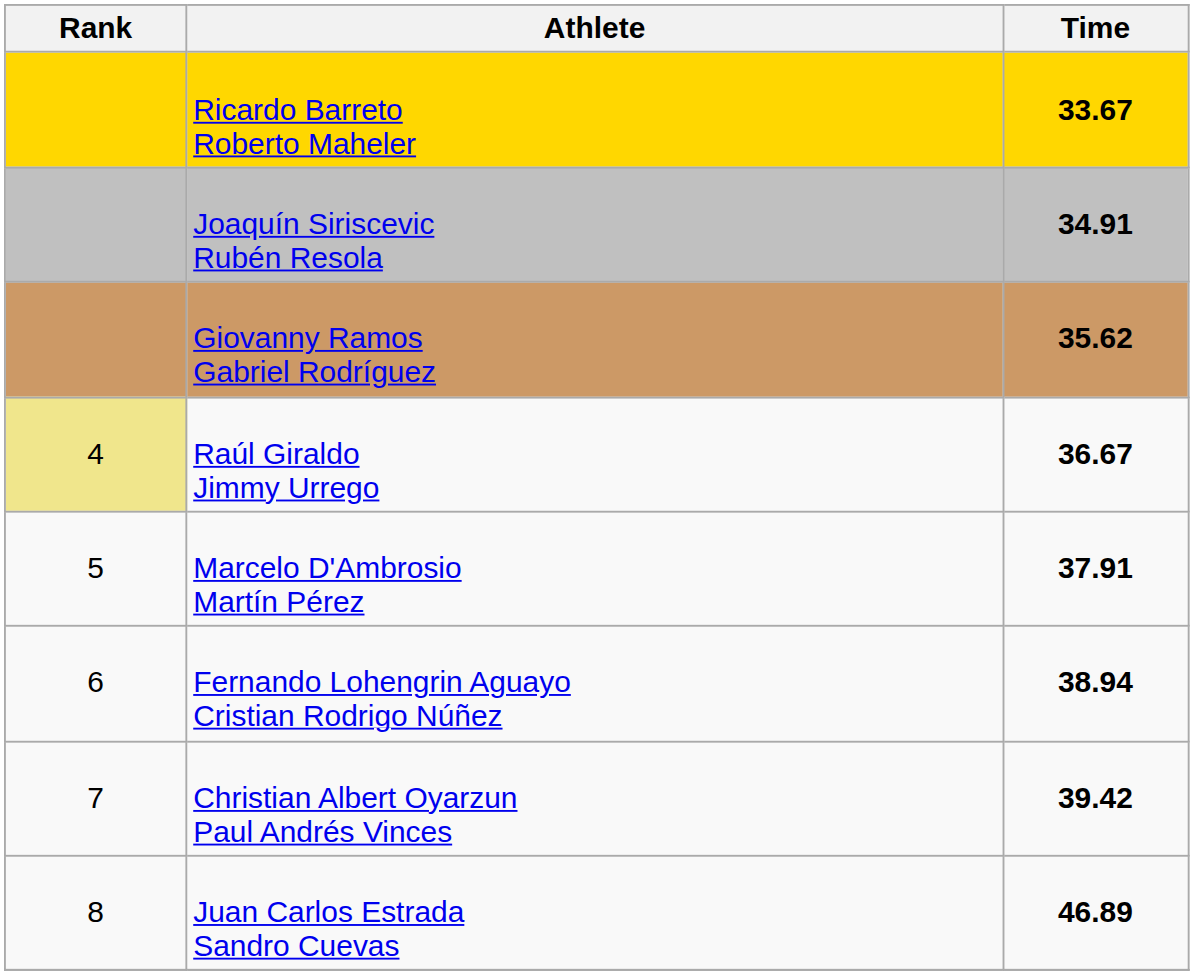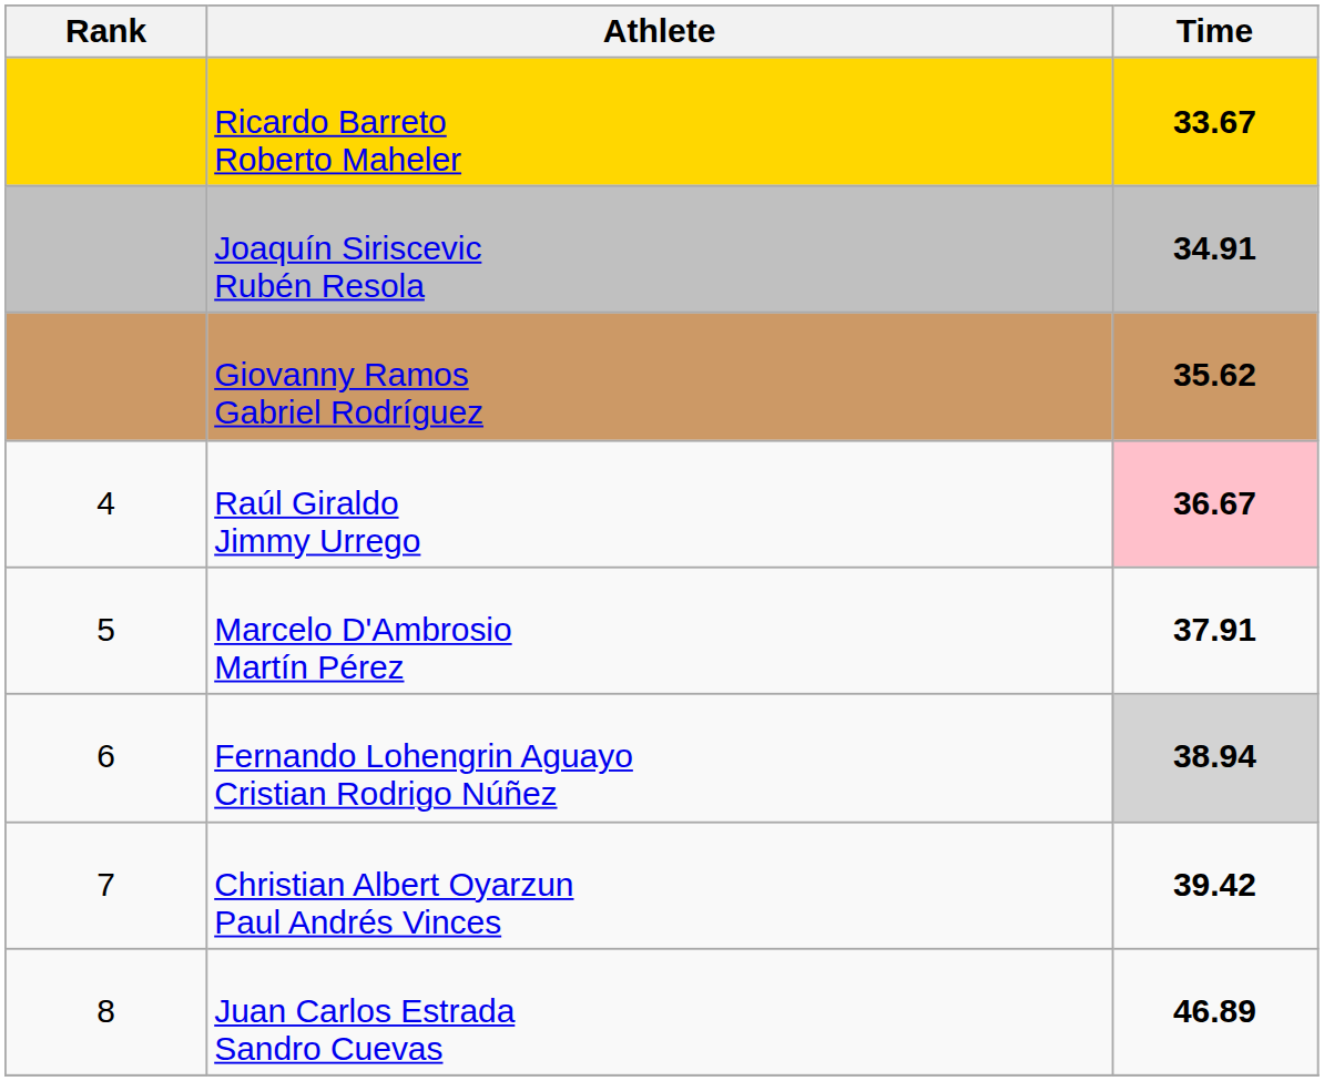 <table class="wikitable" width=40% style="text-align:center">
 <tr>
 <th>Rank</th>
 <th>Athlete</th>
 <th>Time</th>
 </tr>
 <tr bgcolor=gold>
 <td></td>
 <td align=left><br><a href='#'>Ricardo Barreto</a><br><a href='#'>Roberto Maheler</a></td>
 <td><strong>33.67</strong></td>
 </tr>
 <tr bgcolor=silver>
 <td></td>
 <td align=left><br><a href='#'>Joaquín Siriscevic</a><br><a href='#'>Rubén Resola</a></td>
 <td><strong>34.91</strong></td>
 </tr>
 <tr bgcolor=cc9966>
 <td></td>
 <td align=left><br><a href='#'>Giovanny Ramos</a><br><a href='#'>Gabriel Rodríguez</a></td>
 <td><strong>35.62</strong></td>
 </tr>
 <tr>
-<td style="background: khaki;">4</td>
+<td>4</td>
 <td align=left><br><a href='#'>Raúl Giraldo</a><br><a href='#'>Jimmy Urrego</a></td>
-<td><strong>36.67</strong></td>
+<td style="background: pink;"><strong>36.67</strong></td>
 </tr>
 <tr>
 <td>5</td>
 <td align=left><br><a href='#'>Marcelo D'Ambrosio</a><br><a href='#'>Martín Pérez</a></td>
 <td><strong>37.91</strong></td>
 </tr>
 <tr>
 <td>6</td>
 <td align=left><br><a href='#'>Fernando Lohengrin Aguayo</a><br><a href='#'>Cristian Rodrigo Núñez</a></td>
-<td><strong>38.94</strong></td>
+<td style="background: lightgrey;"><strong>38.94</strong></td>
 </tr>
 <tr>
 <td>7</td>
 <td align=left><br><a href='#'>Christian Albert Oyarzun</a><br><a href='#'>Paul Andrés Vinces</a></td>
 <td><strong>39.42</strong></td>
 </tr>
 <tr>
 <td>8</td>
 <td align=left><br><a href='#'>Juan Carlos Estrada</a><br><a href='#'>Sandro Cuevas</a></td>
 <td><strong>46.89</strong></td>
 </tr>
 <tr>
 </tr>
 </table>
